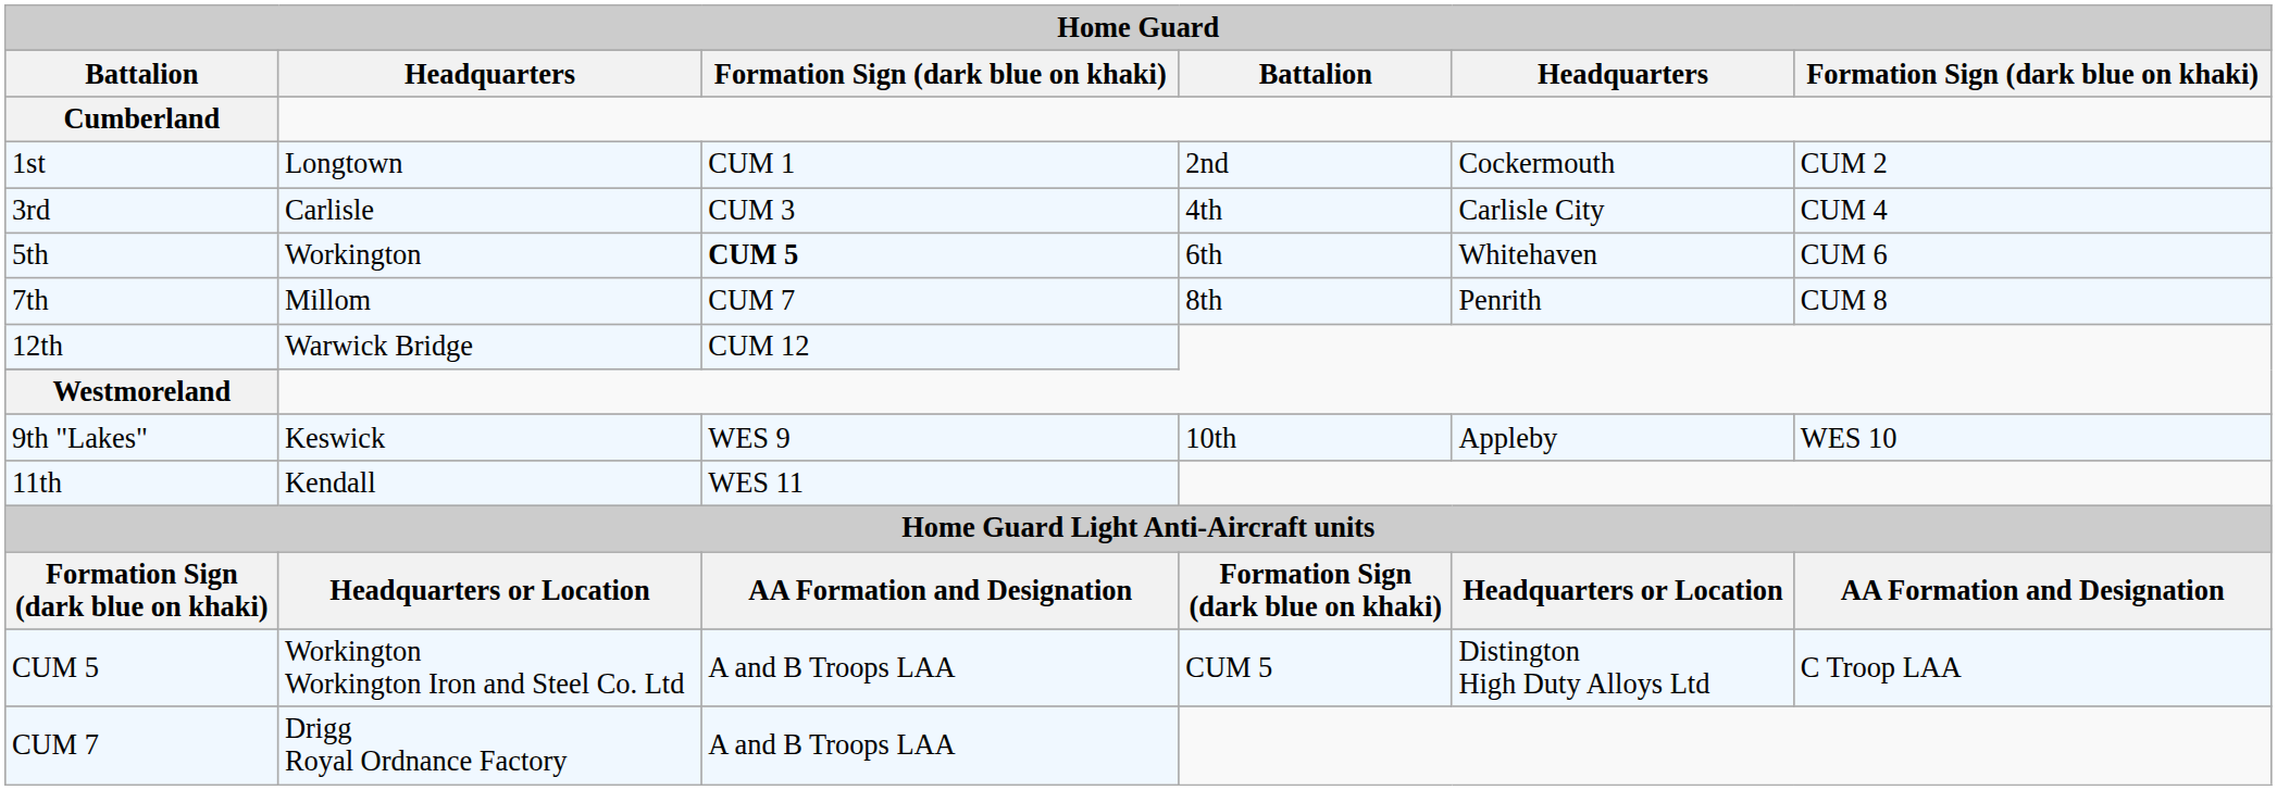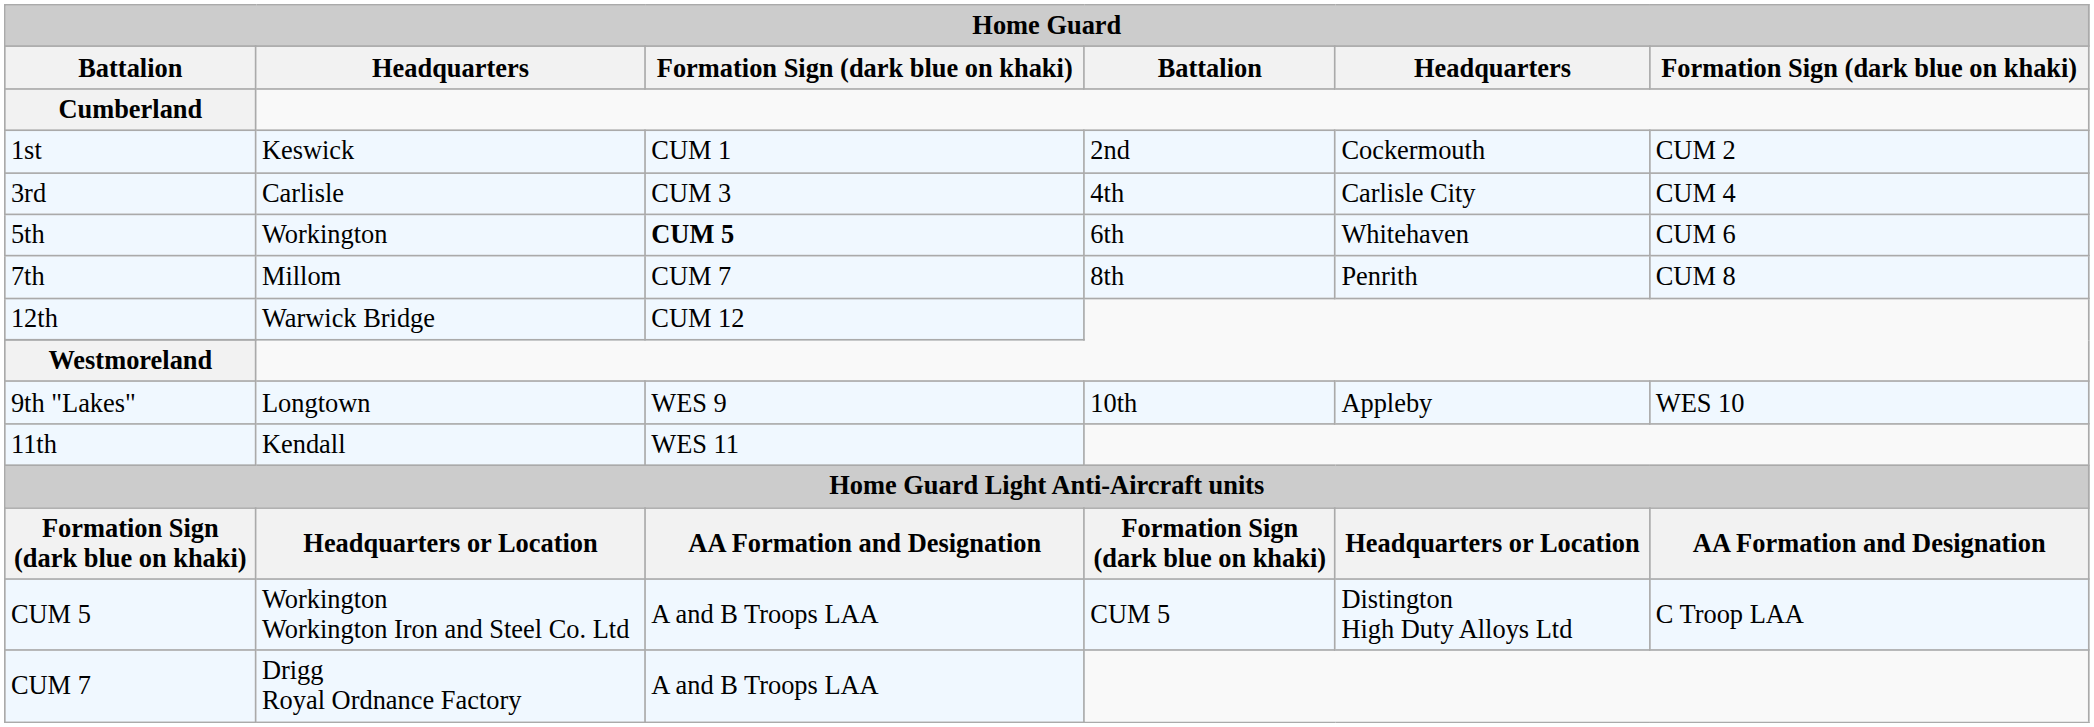 <table class="wikitable" style="width:100%;">
 <tr>
 <th colspan="6" style="background:#ccc;">Home Guard</th>
 </tr>
 <tr>
 <th>Battalion</th>
 <th>Headquarters</th>
 <th>Formation Sign (dark blue on khaki)</th>
 <th>Battalion</th>
 <th>Headquarters</th>
 <th>Formation Sign (dark blue on khaki)</th>
 </tr>
 <tr>
 <th>Cumberland</th>
 </tr>
 <tr style="background:#f0f8ff;">
 <td>1st</td>
-<td>Longtown</td>
+<td>Keswick</td>
 <td>CUM 1</td>
 <td>2nd</td>
 <td>Cockermouth</td>
 <td>CUM 2</td>
 </tr>
 <tr style="background:#f0f8ff;">
 <td>3rd</td>
 <td>Carlisle</td>
 <td>CUM 3</td>
 <td>4th</td>
 <td>Carlisle City</td>
 <td>CUM 4</td>
 </tr>
 <tr style="background:#f0f8ff;">
 <td>5th</td>
 <td>Workington</td>
 <td><strong>CUM 5</strong></td>
 <td>6th</td>
 <td>Whitehaven</td>
 <td>CUM 6</td>
 </tr>
 <tr style="background:#f0f8ff;">
 <td>7th</td>
 <td>Millom</td>
 <td>CUM  7</td>
 <td>8th</td>
 <td>Penrith</td>
 <td>CUM  8</td>
 </tr>
 <tr style="background:#f0f8ff;">
 <td>12th</td>
 <td>Warwick Bridge</td>
 <td>CUM 12</td>
 </tr>
 <tr style="background:#f0f8ff;">
 </tr>
 <tr>
 <th>Westmoreland</th>
 </tr>
 <tr style="background:#f0f8ff;">
 <td>9th "Lakes"</td>
-<td>Keswick</td>
+<td>Longtown</td>
 <td>WES 9</td>
 <td>10th</td>
 <td>Appleby</td>
 <td>WES 10</td>
 </tr>
 <tr style="background:#f0f8ff;">
 <td>11th</td>
 <td>Kendall</td>
 <td>WES 11</td>
 </tr>
 <tr>
 <th colspan="6" style="background:#ccc;">Home Guard Light Anti-Aircraft units</th>
 </tr>
 <tr>
 <th>Formation Sign<br> (dark blue on khaki)</th>
 <th>Headquarters or Location</th>
 <th>AA Formation and Designation</th>
 <th>Formation Sign<br> (dark blue on khaki)</th>
 <th>Headquarters or Location</th>
 <th>AA Formation and Designation</th>
 </tr>
 <tr style="background:#f0f8ff;">
 <td>CUM 5</td>
 <td>Workington <br> Workington Iron and Steel Co. Ltd</td>
 <td>A and B Troops LAA</td>
 <td>CUM 5</td>
 <td>Distington <br> High Duty Alloys Ltd</td>
 <td>C Troop LAA</td>
 </tr>
 <tr style="background:#f0f8ff;">
 <td>CUM 7</td>
 <td>Drigg <br> Royal Ordnance Factory</td>
 <td>A and B Troops LAA</td>
 </tr>
 <tr>
 </tr>
 </table>
